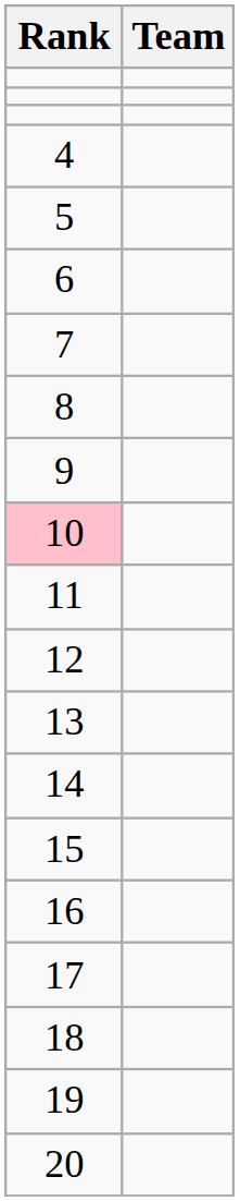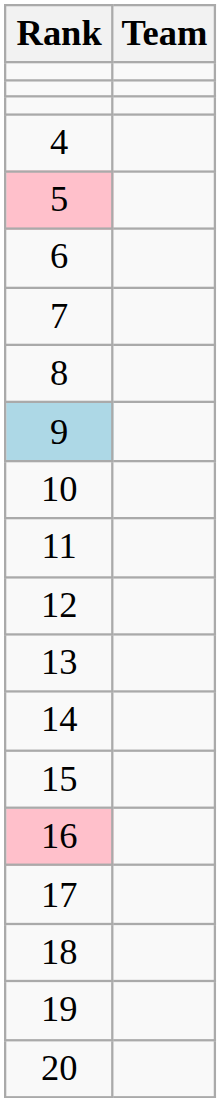 <table class="wikitable" style="text-align:center">
 <tr>
 <th width=40>Rank</th>
 <th>Team</th>
 </tr>
 <tr>
 <td></td>
 <td style="text-align:left"></td>
 </tr>
 <tr>
 <td></td>
 <td style="text-align:left"></td>
 </tr>
 <tr>
 <td></td>
 <td style="text-align:left"></td>
 </tr>
 <tr>
 <td>4</td>
 <td style="text-align:left"></td>
 </tr>
 <tr>
-<td>5</td>
+<td style="background: pink;">5</td>
 <td style="text-align:left"></td>
 </tr>
 <tr>
 <td>6</td>
 <td style="text-align:left"></td>
 </tr>
 <tr>
 <td>7</td>
 <td style="text-align:left"></td>
 </tr>
 <tr>
 <td>8</td>
 <td style="text-align:left"></td>
 </tr>
 <tr>
-<td>9</td>
+<td style="background: lightblue;">9</td>
 <td style="text-align:left"></td>
 </tr>
 <tr>
-<td style="background: pink;">10</td>
+<td>10</td>
 <td style="text-align:left"></td>
 </tr>
 <tr>
 <td>11</td>
 <td style="text-align:left"></td>
 </tr>
 <tr>
 <td>12</td>
 <td style="text-align:left"></td>
 </tr>
 <tr>
 <td>13</td>
 <td style="text-align:left"></td>
 </tr>
 <tr>
 <td>14</td>
 <td style="text-align:left"></td>
 </tr>
 <tr>
 <td>15</td>
 <td style="text-align:left"></td>
 </tr>
 <tr>
-<td>16</td>
+<td style="background: pink;">16</td>
 <td style="text-align:left"></td>
 </tr>
 <tr>
 <td>17</td>
 <td style="text-align:left"></td>
 </tr>
 <tr>
 <td>18</td>
 <td style="text-align:left"></td>
 </tr>
 <tr>
 <td>19</td>
 <td style="text-align:left"></td>
 </tr>
 <tr>
 <td>20</td>
 <td style="text-align:left"></td>
 </tr>
 </table>
